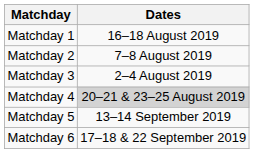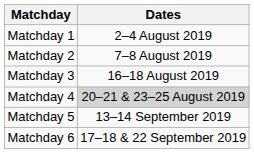 <table class="wikitable" style="text-align:center">
 <tr>
 <th>Matchday</th>
 <th>Dates</th>
 </tr>
 <tr>
 <td>Matchday 1</td>
-<td>16–18 August 2019</td>
+<td>2–4 August 2019</td>
 </tr>
 <tr>
 <td>Matchday 2</td>
 <td>7–8 August 2019</td>
 </tr>
 <tr>
 <td>Matchday 3</td>
-<td>2–4 August 2019</td>
+<td>16–18 August 2019</td>
 </tr>
 <tr>
 <td>Matchday 4</td>
 <td style="background: lightgrey;">20–21 & 23–25 August 2019</td>
 </tr>
 <tr>
 <td>Matchday 5</td>
 <td>13–14 September 2019</td>
 </tr>
 <tr>
 <td>Matchday 6</td>
 <td>17–18 & 22 September 2019</td>
 </tr>
 </table>
